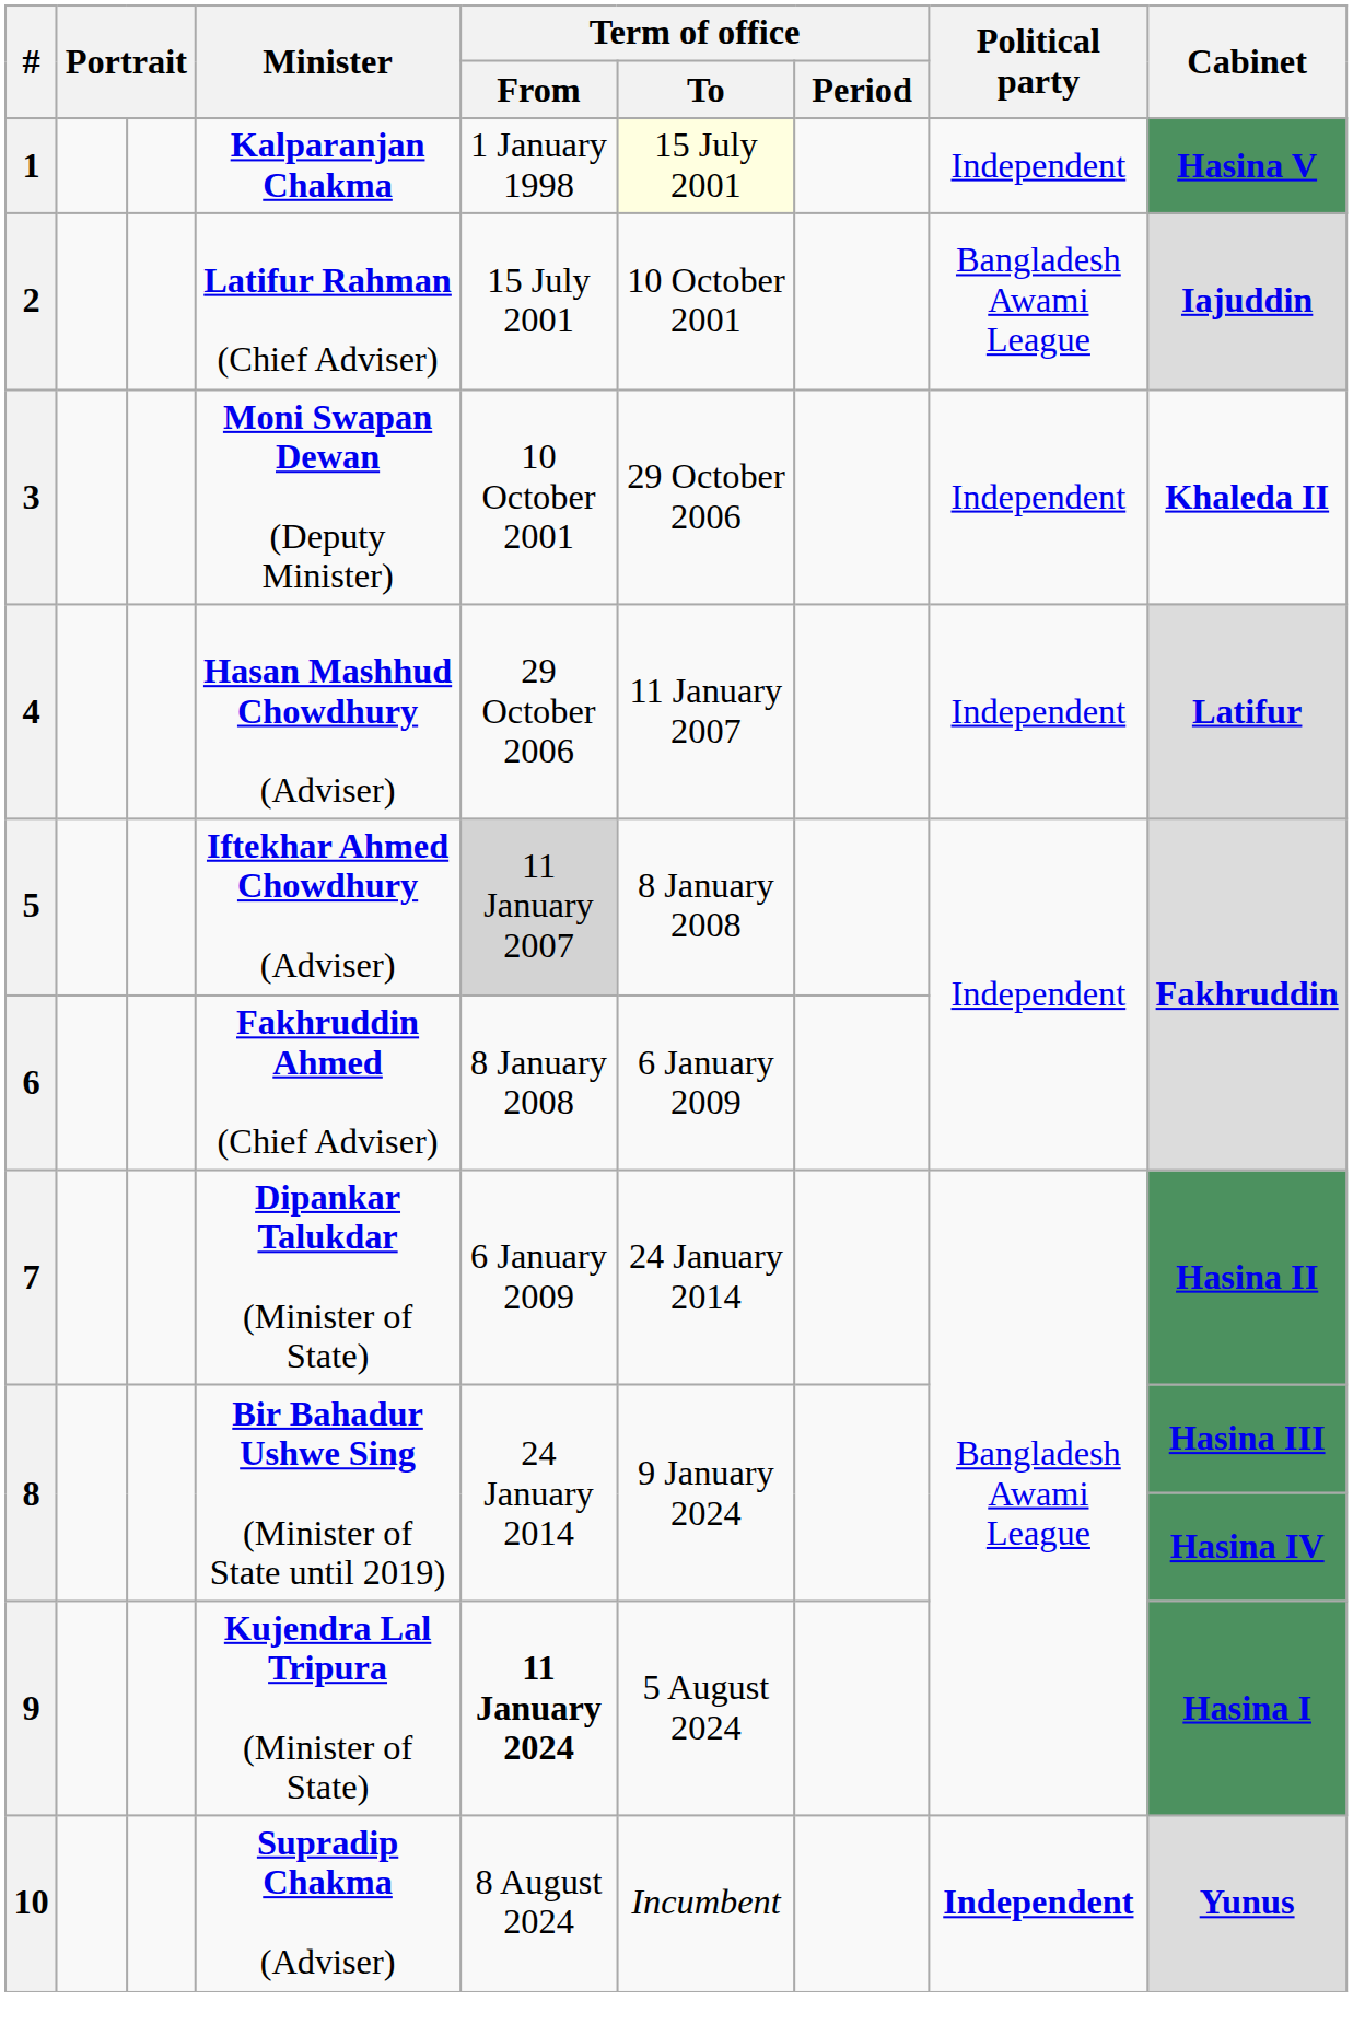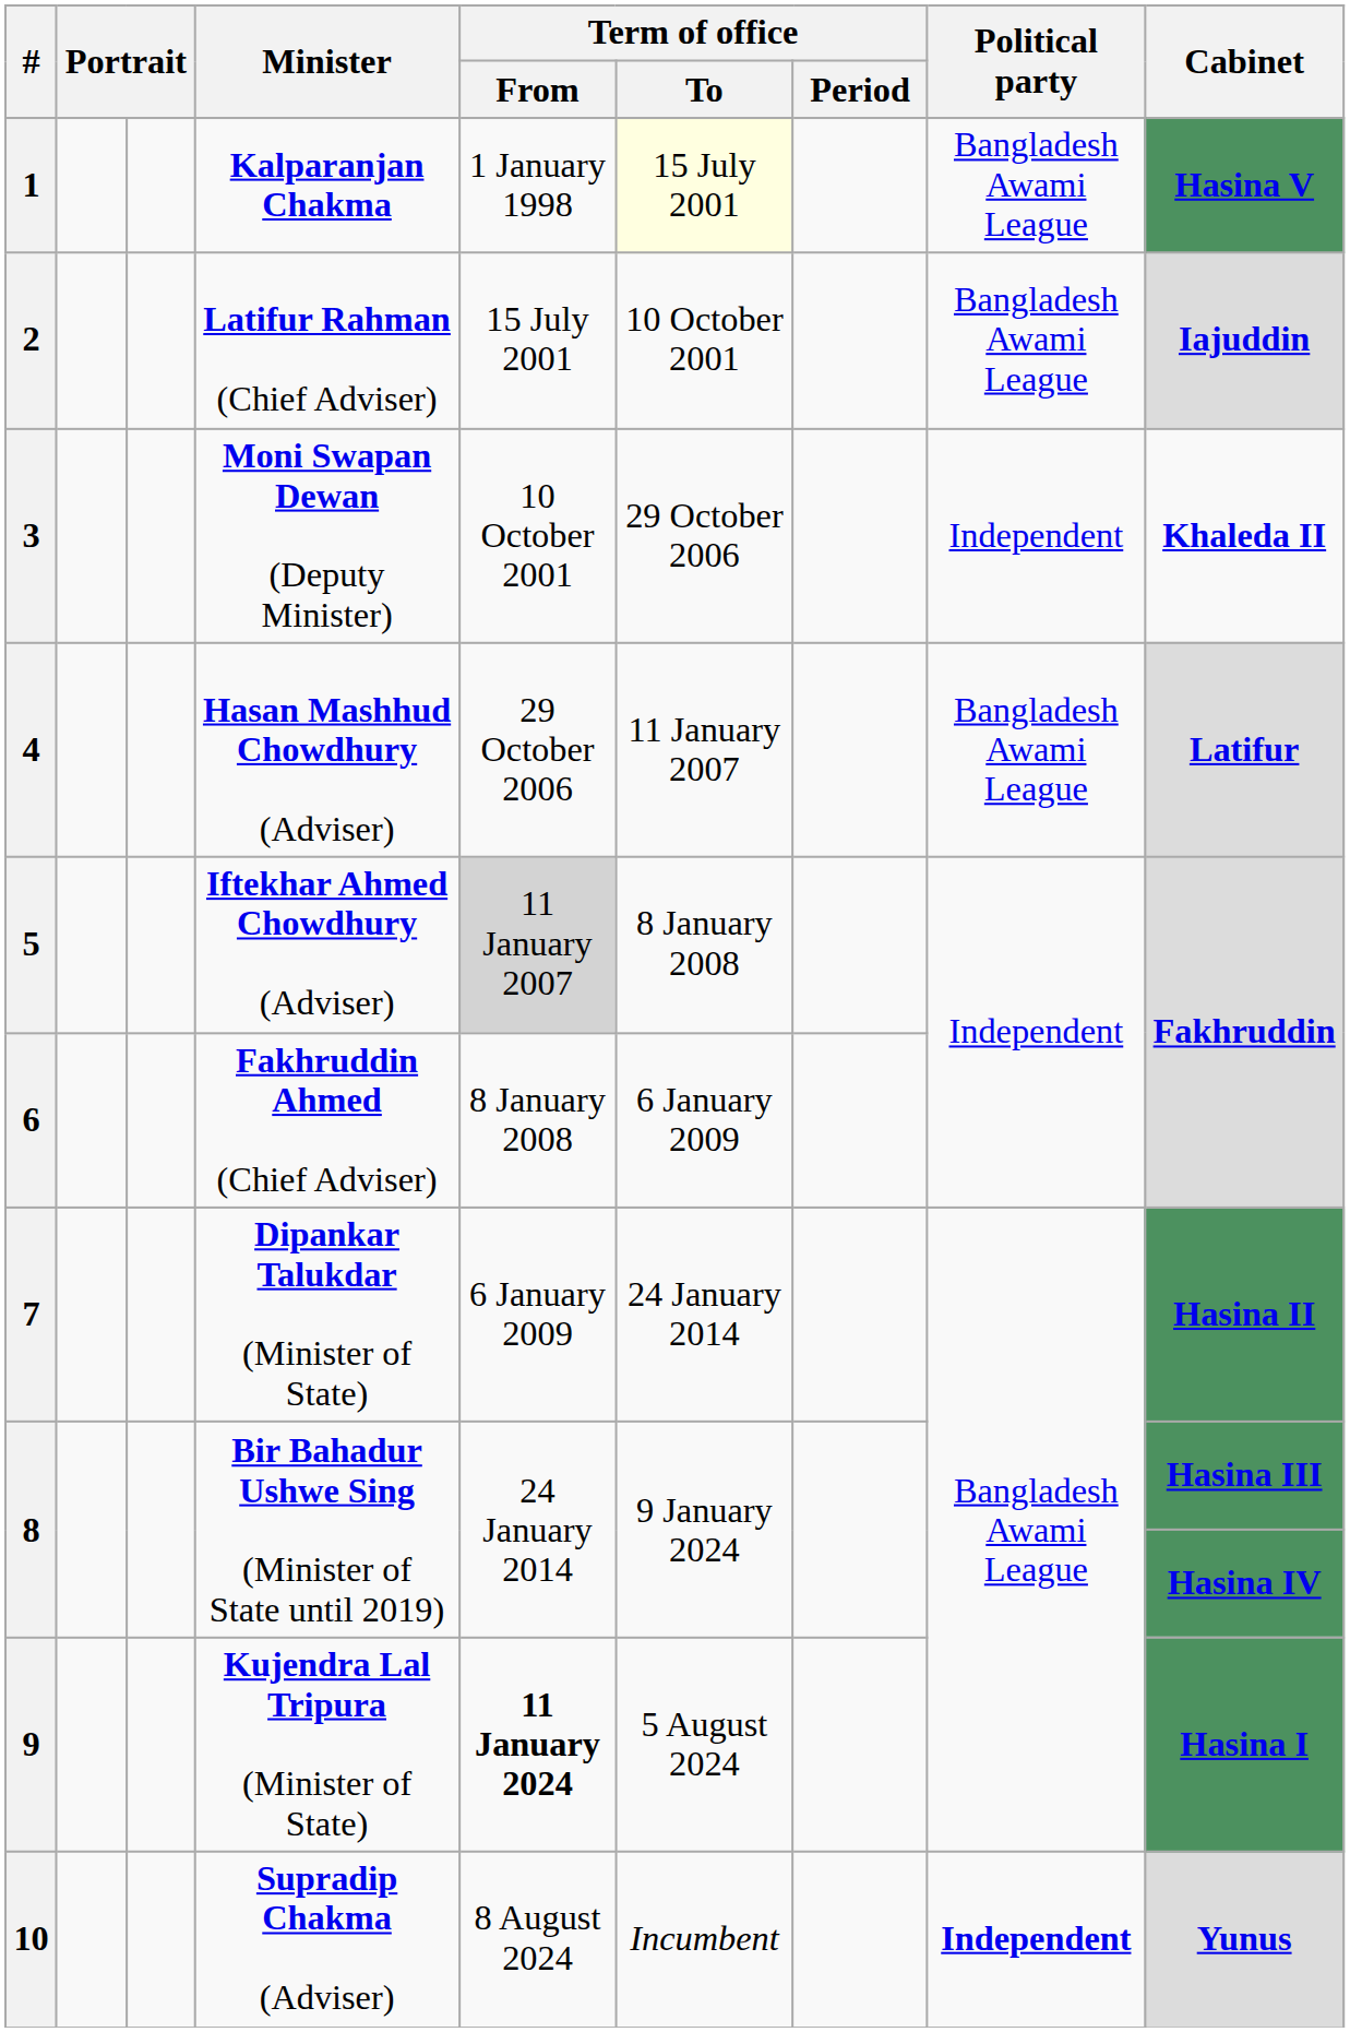 <table class="wikitable" style="text-align:center">
 <tr>
 <th rowspan="2">#</th>
 <th rowspan="2" colspan="2">Portrait</th>
 <th rowspan="2" style="width:18em">Minister<br></th>
 <th colspan="3">Term of office</th>
 <th rowspan="2" style="width:8em">Political party</th>
 <th rowspan="2">Cabinet</th>
 </tr>
 <tr>
 <th style="width:7em">From</th>
 <th style="width:7em">To</th>
 <th style="width:7em">Period</th>
 </tr>
 <tr>
 <th>1</th>
 <td></td>
 <td></td>
 <td><strong><a href='#'>Kalparanjan Chakma</a></strong><br></td>
 <td>1 January<br>1998</td>
 <td style="background: lightyellow;">15 July<br>2001</td>
 <td><strong></strong></td>
-<td><a href='#'>Independent</a></td>
+<td><a href='#'>Bangladesh Awami League</a></td>
 <td style="background:#4C915F"><strong><a href='#'>Hasina V</a></strong></td>
 </tr>
 <tr>
 <th>2</th>
 <td></td>
 <td></td>
 <td><br><strong><a href='#'>Latifur Rahman</a></strong><br><br>(Chief Adviser)</td>
 <td>15 July<br>2001</td>
 <td>10 October<br>2001</td>
 <td><strong></strong></td>
 <td><a href='#'>Bangladesh Awami League</a></td>
 <td style="background:#DCDCDC"><strong><a href='#'>Iajuddin</a></strong></td>
 </tr>
 <tr>
 <th>3</th>
 <td></td>
 <td></td>
 <td><strong><a href='#'>Moni Swapan Dewan</a></strong><br><br>(Deputy Minister)</td>
 <td>10 October<br>2001</td>
 <td>29 October<br>2006</td>
 <td><strong></strong></td>
 <td><a href='#'>Independent</a></td>
 <td><strong><a href='#'>Khaleda II</a></strong></td>
 </tr>
 <tr>
 <th>4</th>
 <td></td>
 <td></td>
 <td><br><strong><a href='#'>Hasan Mashhud Chowdhury</a></strong><br><br>(Adviser)</td>
 <td>29 October<br>2006</td>
 <td>11 January<br>2007</td>
 <td><strong></strong></td>
-<td><a href='#'>Independent</a></td>
+<td><a href='#'>Bangladesh Awami League</a></td>
 <td style="background:#DCDCDC"><strong><a href='#'>Latifur</a></strong><br></td>
 </tr>
 <tr>
 <th>5</th>
 <td></td>
 <td></td>
 <td><strong><a href='#'>Iftekhar Ahmed Chowdhury</a></strong><br><br>(Adviser)</td>
 <td style="background: lightgrey;">11 January<br>2007</td>
 <td>8 January<br>2008</td>
 <td><strong></strong></td>
 <td rowspan="2"><a href='#'>Independent</a></td>
 <td rowspan="2" style="background:#DCDCDC"><strong><a href='#'>Fakhruddin</a></strong></td>
 </tr>
 <tr>
 <th>6</th>
 <td></td>
 <td></td>
 <td><strong><a href='#'>Fakhruddin Ahmed</a></strong><br><br>(Chief Adviser)</td>
 <td>8 January<br>2008</td>
 <td>6 January<br>2009</td>
 <td><strong></strong></td>
 </tr>
 <tr>
 <th>7</th>
 <td></td>
 <td></td>
 <td><strong><a href='#'>Dipankar Talukdar</a></strong><br><br>(Minister of State)</td>
 <td>6 January<br>2009</td>
 <td>24 January<br>2014</td>
 <td><strong></strong></td>
 <td rowspan="4"><a href='#'>Bangladesh Awami League</a></td>
 <td style="background:#4C915F"><strong><a href='#'>Hasina II</a></strong></td>
 </tr>
 <tr>
 <th rowspan="2">8</th>
 <td rowspan="2"></td>
 <td rowspan="2"></td>
 <td rowspan="2"><strong><a href='#'>Bir Bahadur Ushwe Sing</a></strong><br><br>(Minister of State until 2019)</td>
 <td rowspan="2">24 January<br>2014</td>
 <td rowspan="2">9 January<br>2024</td>
 <td rowspan="2"><strong></strong></td>
 <td style="background:#4C915F"><strong><a href='#'>Hasina III</a></strong></td>
 </tr>
 <tr>
 <td style="background:#4C915F"><strong><a href='#'>Hasina IV</a></strong></td>
 </tr>
 <tr>
 <th>9</th>
 <td></td>
 <td></td>
 <td><strong><a href='#'>Kujendra Lal Tripura</a></strong><br><br>(Minister of State)</td>
 <td><strong>11 January<br>2024</strong></td>
 <td>5 August<br>2024</td>
 <td><strong></strong></td>
 <td style="background:#4C915F"><strong><a href='#'>Hasina I</a></strong></td>
 </tr>
 <tr>
 <th>10</th>
 <td></td>
 <td></td>
 <td><strong><a href='#'>Supradip Chakma</a></strong><br><br>(Adviser)</td>
 <td>8 August<br>2024</td>
 <td><em>Incumbent</em></td>
 <td><strong></strong></td>
 <td><strong><a href='#'>Independent</a></strong></td>
 <td rowspan="2" style="background:#DCDCDC"><strong><a href='#'>Yunus</a></strong></td>
 </tr>
 <tr>
 </tr>
 </table>
